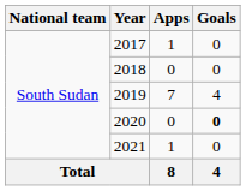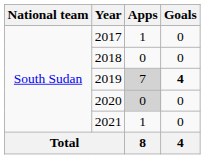 <table class="wikitable" style="text-align:center">
 <tr>
 <th>National team</th>
 <th>Year</th>
 <th>Apps</th>
 <th>Goals</th>
 </tr>
 <tr>
 <td rowspan="5"><a href='#'>South Sudan</a></td>
 <td>2017</td>
 <td>1</td>
 <td>0</td>
 </tr>
 <tr>
 <td>2018</td>
 <td>0</td>
 <td>0</td>
 </tr>
 <tr>
 <td>2019</td>
-<td>7</td>
-<td>4</td>
+<td style="background: lightgrey;">7</td>
+<td><strong>4</strong></td>
 </tr>
 <tr>
 <td>2020</td>
+<td style="background: lightgrey;">0</td>
 <td>0</td>
-<td><strong>0</strong></td>
 </tr>
 <tr>
 <td>2021</td>
 <td>1</td>
 <td>0</td>
 </tr>
 <tr>
 <th colspan=2>Total</th>
 <th>8</th>
 <th>4</th>
 </tr>
 </table>
